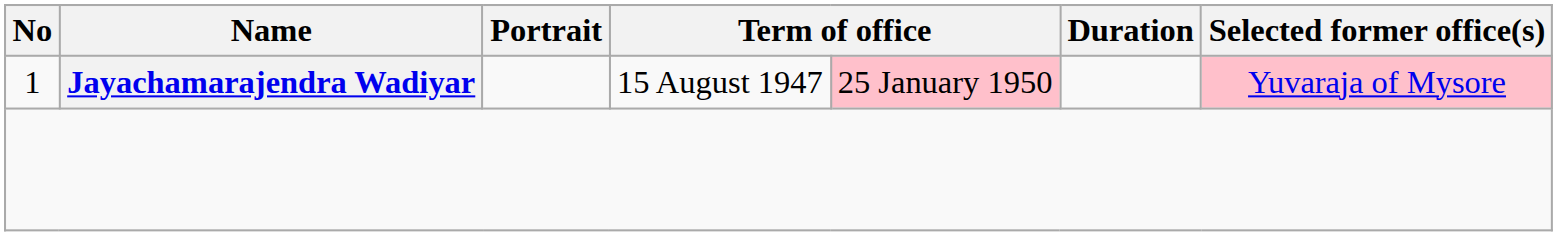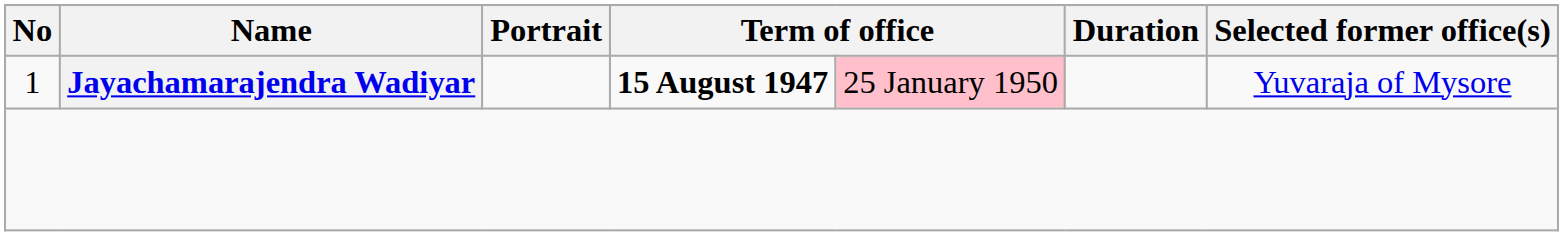 <table class="wikitable">
 <tr>
 <th>No</th>
 <th>Name</th>
 <th>Portrait</th>
 <th colspan=2>Term of office</th>
 <th scope=col>Duration</th>
 <th>Selected former office(s)</th>
 </tr>
 <tr align=center>
 <td>1</td>
 <th><a href='#'>Jayachamarajendra Wadiyar</a></th>
 <td></td>
-<td>15 August 1947</td>
+<td><strong>15 August 1947</strong></td>
 <td style="background: pink;">25 January 1950</td>
 <td></td>
-<td style="background: pink;"><a href='#'>Yuvaraja of Mysore</a></td>
+<td><a href='#'>Yuvaraja of Mysore</a></td>
 </tr>
 <tr align=center style="height: 60px;">
 </tr>
 </table>
